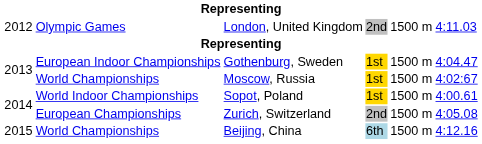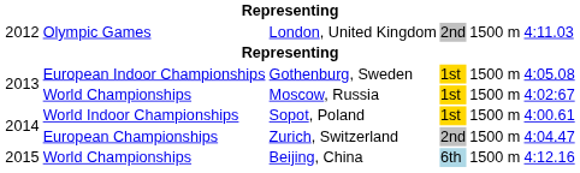 <table>
 <tr>
 <th colspan=6>Representing </th>
 </tr>
 <tr>
 <td>2012</td>
 <td><a href='#'>Olympic Games</a></td>
 <td><a href='#'>London</a>, United Kingdom</td>
 <td bgcolor=silver>2nd</td>
 <td>1500 m</td>
 <td><a href='#'>4:11.03</a></td>
 </tr>
 <tr>
 <th colspan=6>Representing </th>
 </tr>
 <tr>
 <td rowspan=2>2013</td>
 <td><a href='#'>European Indoor Championships</a></td>
 <td><a href='#'>Gothenburg</a>, Sweden</td>
 <td bgcolor=gold>1st</td>
 <td>1500 m</td>
-<td><a href='#'>4:04.47</a></td>
+<td><a href='#'>4:05.08</a></td>
 </tr>
 <tr>
 <td><a href='#'>World Championships</a></td>
 <td><a href='#'>Moscow</a>, Russia</td>
 <td bgcolor=gold>1st</td>
 <td>1500 m</td>
 <td><a href='#'>4:02:67</a></td>
 </tr>
 <tr>
 <td rowspan=2>2014</td>
 <td><a href='#'>World Indoor Championships</a></td>
 <td><a href='#'>Sopot</a>, Poland</td>
 <td bgcolor=gold>1st</td>
 <td>1500 m</td>
 <td><a href='#'>4:00.61</a></td>
 </tr>
 <tr>
 <td><a href='#'>European Championships</a></td>
 <td><a href='#'>Zurich</a>, Switzerland</td>
 <td bgcolor=silver>2nd</td>
 <td>1500 m</td>
-<td><a href='#'>4:05.08</a></td>
+<td><a href='#'>4:04.47</a></td>
 </tr>
 <tr>
 <td>2015</td>
 <td><a href='#'>World Championships</a></td>
 <td><a href='#'>Beijing</a>, China</td>
 <td style="background: lightblue;">6th</td>
 <td>1500 m</td>
 <td><a href='#'>4:12.16</a></td>
 </tr>
 </table>
